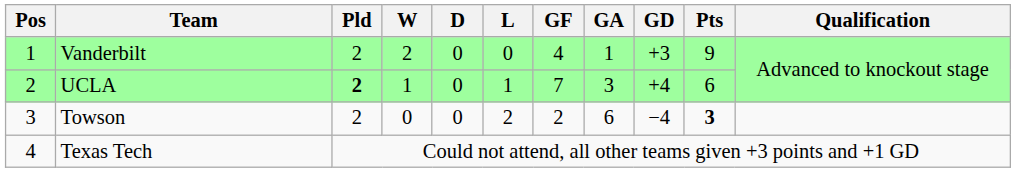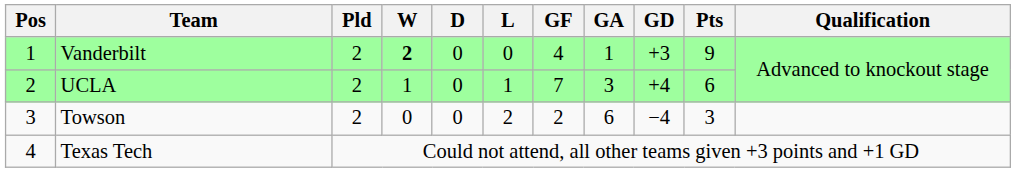 <table class="wikitable" style="text-align:center; margin: 1em auto">
 <tr>
 <th style="width:2em">Pos</th>
 <th style="width:13em">Team</th>
 <th style="width:2em">Pld</th>
 <th style="width:2em">W</th>
 <th style="width:2em">D</th>
 <th style="width:2em">L</th>
 <th style="width:2em">GF</th>
 <th style="width:2em">GA</th>
 <th style="width:2em">GD</th>
 <th style="width:2em">Pts</th>
 <th style="width:13em">Qualification</th>
 </tr>
 <tr bgcolor="#9eff9e">
 <td>1</td>
 <td style="text-align:left">Vanderbilt</td>
 <td>2</td>
-<td>2</td>
+<td><strong>2</strong></td>
 <td>0</td>
 <td>0</td>
 <td>4</td>
 <td>1</td>
 <td>+3</td>
 <td>9</td>
 <td rowspan="2">Advanced to knockout stage</td>
 </tr>
 <tr bgcolor="#9eff9e">
 <td>2</td>
 <td style="text-align:left">UCLA</td>
-<td><strong>2</strong></td>
+<td>2</td>
 <td>1</td>
 <td>0</td>
 <td>1</td>
 <td>7</td>
 <td>3</td>
 <td>+4</td>
 <td>6</td>
 </tr>
 <tr>
 <td>3</td>
 <td style="text-align:left">Towson</td>
 <td>2</td>
 <td>0</td>
 <td>0</td>
 <td>2</td>
 <td>2</td>
 <td>6</td>
 <td>−4</td>
-<td><strong>3</strong></td>
+<td>3</td>
 </tr>
 <tr>
 <td>4</td>
 <td style="text-align:left">Texas Tech</td>
 <td colspan="9">Could not attend, all other teams given +3 points and +1 GD</td>
 </tr>
 </table>
